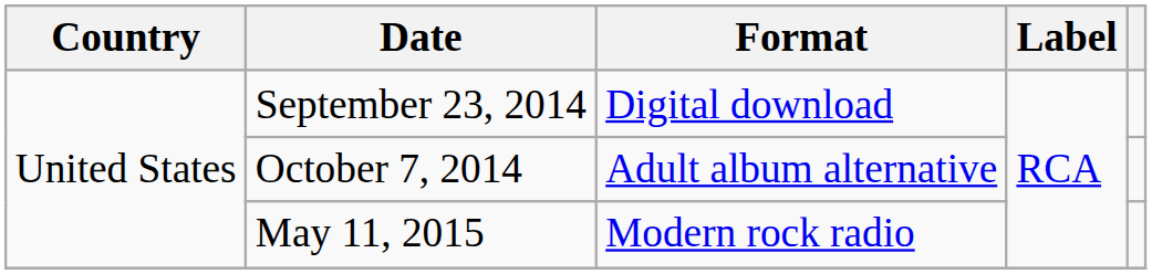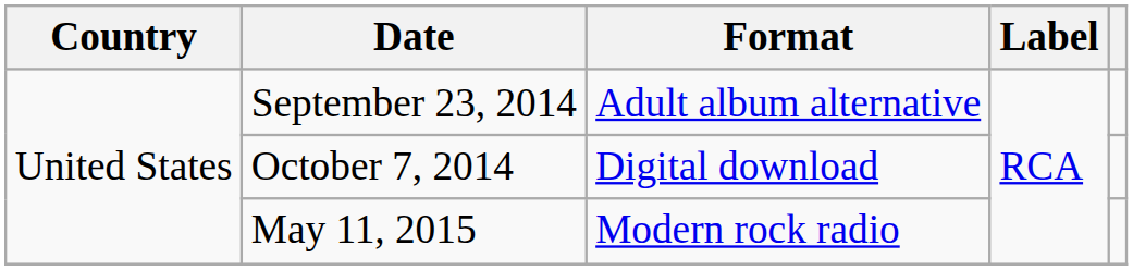 <table class="wikitable">
 <tr>
 <th>Country</th>
 <th>Date</th>
 <th>Format</th>
 <th>Label</th>
 <th></th>
 </tr>
 <tr>
 <td rowspan="3">United States</td>
 <td>September 23, 2014</td>
-<td><a href='#'>Digital download</a></td>
+<td><a href='#'>Adult album alternative</a></td>
 <td rowspan="3"><a href='#'>RCA</a></td>
 <td></td>
 </tr>
 <tr>
 <td>October 7, 2014</td>
-<td><a href='#'>Adult album alternative</a></td>
+<td><a href='#'>Digital download</a></td>
 <td></td>
 </tr>
 <tr>
 <td>May 11, 2015</td>
 <td><a href='#'>Modern rock radio</a></td>
 <td></td>
 </tr>
 <tr>
 </tr>
 </table>
